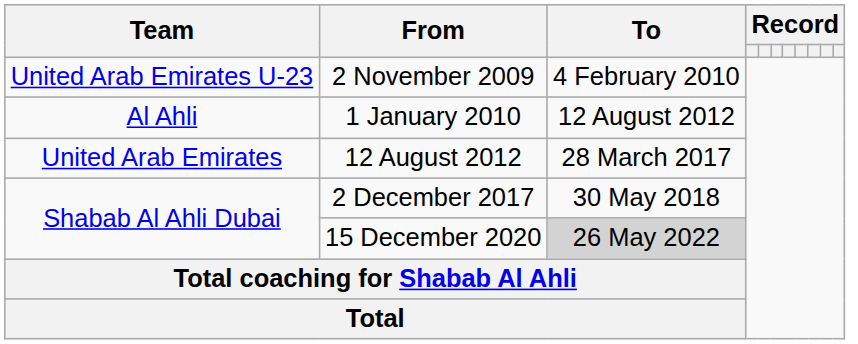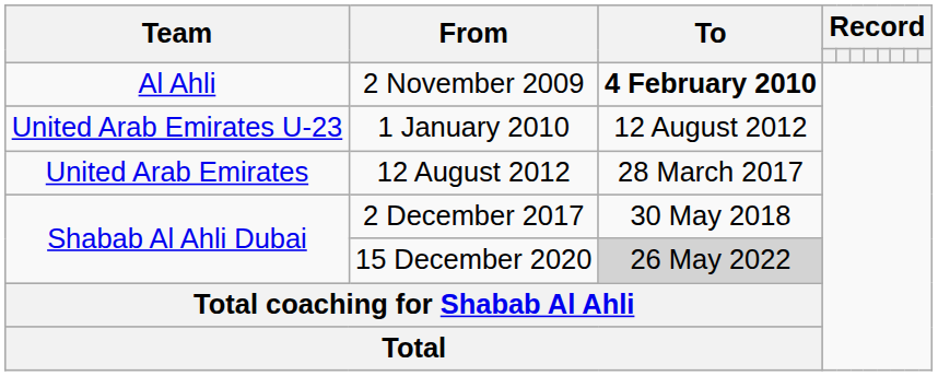 <table class="wikitable" style="text-align: center">
 <tr>
 <th rowspan="2">Team</th>
 <th rowspan="2">From</th>
 <th rowspan="2">To</th>
 <th colspan="8">Record</th>
 </tr>
 <tr>
 <th></th>
 <th></th>
 <th></th>
 <th></th>
 <th></th>
 <th></th>
 <th></th>
 <th></th>
 </tr>
 <tr>
-<td><a href='#'>United Arab Emirates U-23</a></td>
+<td><a href='#'>Al Ahli</a></td>
 <td>2 November 2009</td>
-<td>4 February 2010<br></td>
+<td><strong>4 February 2010<br></strong></td>
 </tr>
 <tr>
-<td><a href='#'>Al Ahli</a></td>
+<td><a href='#'>United Arab Emirates U-23</a></td>
 <td>1 January 2010</td>
 <td>12 August 2012<br></td>
 </tr>
 <tr>
 <td><a href='#'>United Arab Emirates</a></td>
 <td>12 August 2012</td>
 <td>28 March 2017<br></td>
 </tr>
 <tr>
 <td rowspan=2><a href='#'>Shabab Al Ahli Dubai</a></td>
 <td>2 December 2017</td>
 <td>30 May 2018<br></td>
 </tr>
 <tr>
 <td>15 December 2020</td>
 <td style="background: lightgrey;">26 May 2022<br></td>
 </tr>
 <tr>
 <th colspan="3">Total coaching for <a href='#'>Shabab Al Ahli</a><br></th>
 </tr>
 <tr>
 <th colspan="3">Total<br></th>
 </tr>
 </table>
